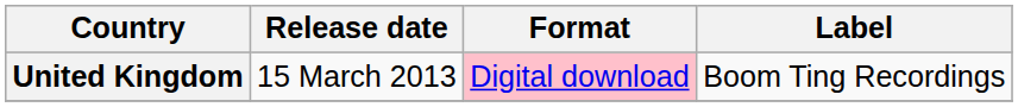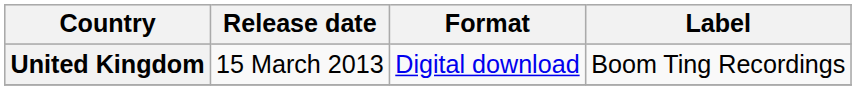 <table class="wikitable plainrowheaders">
 <tr>
 <th scope="col">Country</th>
 <th scope="col">Release date</th>
 <th scope="col">Format</th>
 <th scope="col">Label</th>
 </tr>
 <tr>
 <th scope="row">United Kingdom</th>
 <td>15 March 2013</td>
-<td style="background: pink;"><a href='#'>Digital download</a></td>
+<td><a href='#'>Digital download</a></td>
 <td>Boom Ting Recordings</td>
 </tr>
 <tr>
 </tr>
 </table>
